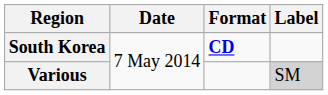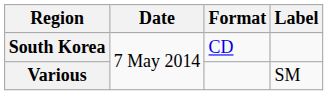 <table class="wikitable plainrowheaders">
 <tr>
 <th scope="col">Region</th>
 <th scope="col">Date</th>
 <th scope="col">Format</th>
 <th scope="col">Label</th>
 </tr>
 <tr>
 <th scope="row">South Korea</th>
 <td rowspan="2">7 May 2014</td>
-<td><strong><a href='#'>CD</a></strong></td>
+<td><a href='#'>CD</a></td>
 <td></td>
 </tr>
 <tr>
 <th scope="row">Various </th>
 <td></td>
-<td style="background: lightgrey;">SM</td>
+<td>SM</td>
 </tr>
 </table>
